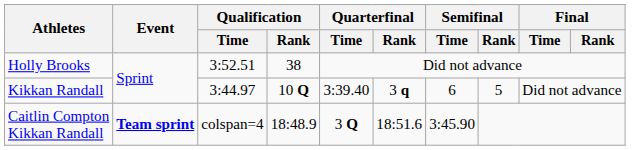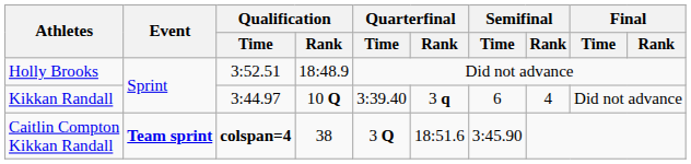 <table class=wikitable style=font-size:90%;text-align:center>
 <tr>
 <th rowspan=2>Athletes</th>
 <th rowspan=2>Event</th>
 <th colspan=2>Qualification</th>
 <th colspan=2>Quarterfinal</th>
 <th colspan=2>Semifinal</th>
 <th colspan=2>Final</th>
 </tr>
 <tr style=font-size:95%>
 <th>Time</th>
 <th>Rank</th>
 <th>Time</th>
 <th>Rank</th>
 <th>Time</th>
 <th>Rank</th>
 <th>Time</th>
 <th>Rank</th>
 </tr>
 <tr>
 <td align=left><a href='#'>Holly Brooks</a></td>
 <td align=left rowspan=2><a href='#'>Sprint</a></td>
 <td>3:52.51</td>
-<td>38</td>
+<td>18:48.9</td>
 <td colspan=6>Did not advance</td>
 </tr>
 <tr>
 <td align=left><a href='#'>Kikkan Randall</a></td>
 <td>3:44.97</td>
 <td>10 <strong>Q</strong></td>
 <td>3:39.40</td>
 <td>3 <strong>q</strong></td>
 <td>6</td>
-<td>5</td>
+<td>4</td>
 <td colspan=2>Did not advance</td>
 </tr>
 <tr>
 <td align=left><a href='#'>Caitlin Compton</a><br><a href='#'>Kikkan Randall</a></td>
 <td align=left><strong><a href='#'>Team sprint</a></strong></td>
-<td>colspan=4 </td>
-<td>18:48.9</td>
+<td><strong>colspan=4 </strong></td>
+<td>38</td>
 <td>3 <strong>Q</strong></td>
 <td>18:51.6</td>
 <td>3:45.90</td>
 </tr>
 </table>
